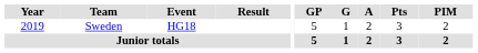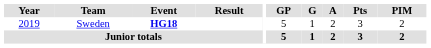 <table border="0" cellpadding="1" cellspacing="0" ID="Table3" style="text-align:center; width:40em;">
 <tr bgcolor="#e0e0e0">
 <th>Year</th>
 <th>Team</th>
 <th>Event</th>
 <th>Result</th>
 <th rowspan="99" bgcolor="#ffffff"></th>
 <th>GP</th>
 <th>G</th>
 <th>A</th>
 <th>Pts</th>
 <th>PIM</th>
 </tr>
 <tr>
 <td><a href='#'>2019</a></td>
 <td><a href='#'>Sweden</a></td>
-<td><a href='#'>HG18</a></td>
+<td><strong><a href='#'>HG18</a></strong></td>
 <td></td>
 <td>5</td>
 <td>1</td>
 <td>2</td>
 <td>3</td>
 <td>2</td>
 </tr>
 <tr bgcolor="#e0e0e0">
 <th colspan="4">Junior totals</th>
 <th>5</th>
 <th>1</th>
 <th>2</th>
 <th>3</th>
 <th>2</th>
 </tr>
 </table>
